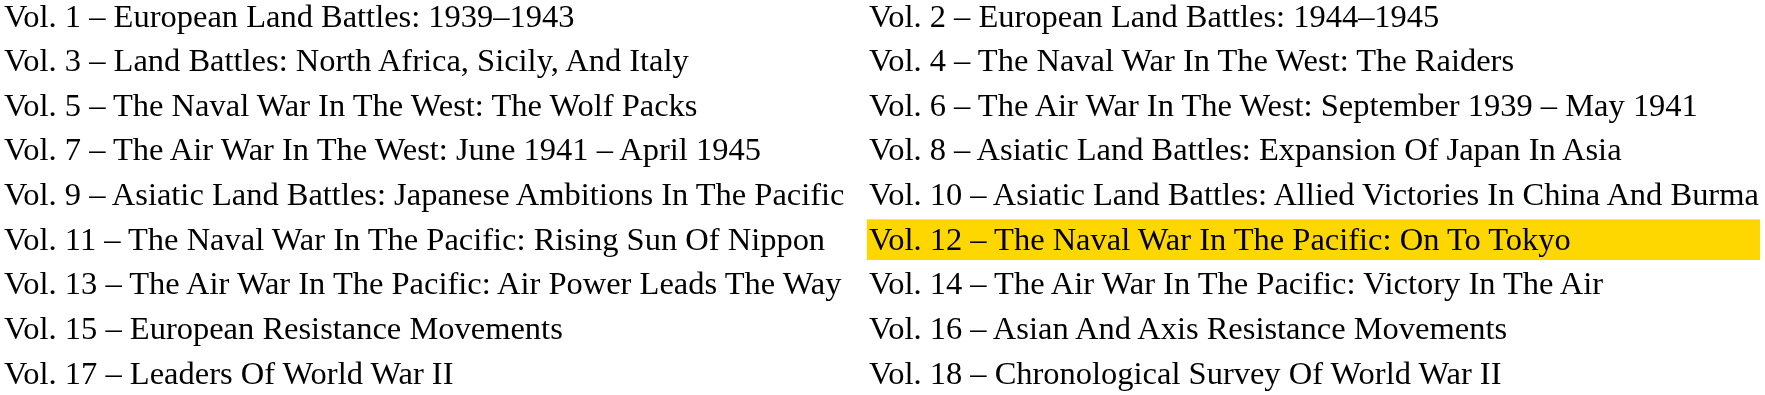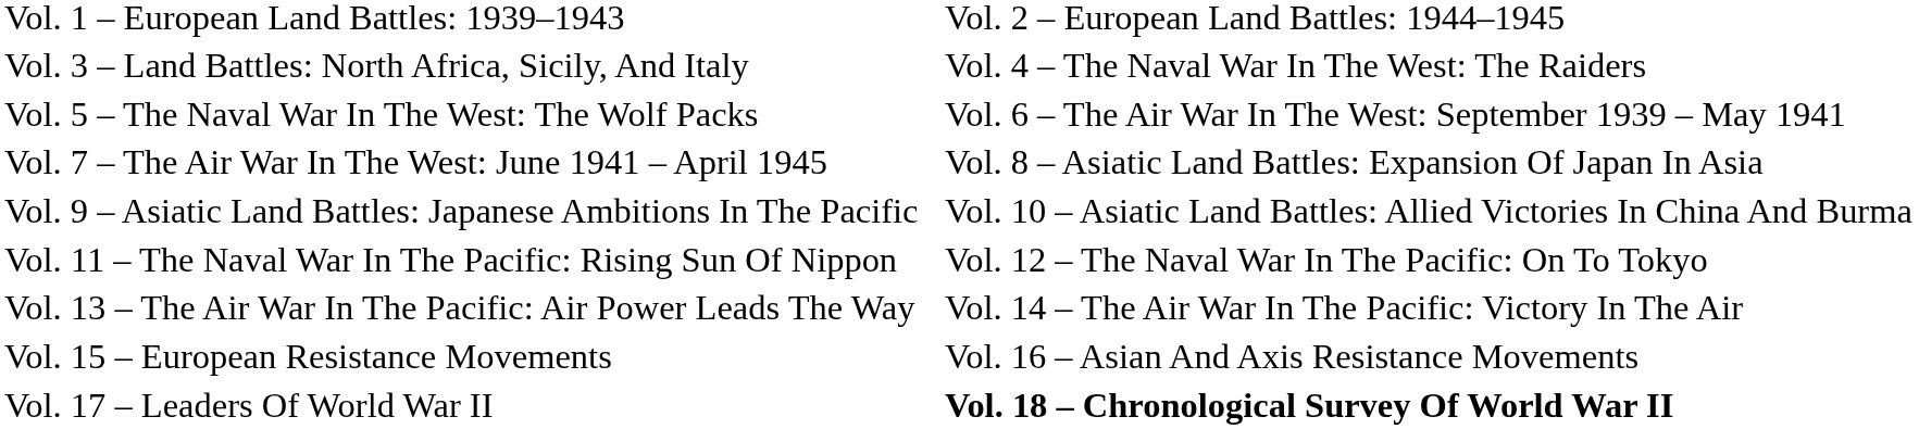 <table align="left">
 <tr>
 <td>Vol. 1 – European Land Battles: 1939–1943</td>
 <td>Vol. 2 – European Land Battles: 1944–1945</td>
 </tr>
 <tr>
 <td>Vol. 3 – Land Battles: North Africa, Sicily, And Italy</td>
 <td>Vol. 4 – The Naval War In The West: The Raiders</td>
 </tr>
 <tr>
 <td>Vol. 5 – The Naval War In The West: The Wolf Packs</td>
 <td>Vol. 6 – The Air War In The West: September 1939 – May 1941</td>
 </tr>
 <tr>
 <td>Vol. 7 – The Air War In The West: June 1941 – April 1945</td>
 <td>Vol. 8 – Asiatic Land Battles: Expansion Of Japan In Asia</td>
 </tr>
 <tr>
 <td>Vol. 9 – Asiatic Land Battles: Japanese Ambitions In The Pacific  </td>
 <td>Vol. 10 – Asiatic Land Battles: Allied Victories In China And Burma</td>
 </tr>
 <tr>
 <td>Vol. 11 – The Naval War In The Pacific: Rising Sun Of Nippon</td>
-<td style="background: gold;">Vol. 12 – The Naval War In The Pacific: On To Tokyo</td>
+<td>Vol. 12 – The Naval War In The Pacific: On To Tokyo</td>
 </tr>
 <tr>
 <td>Vol. 13 – The Air War In The Pacific: Air Power Leads The Way</td>
 <td>Vol. 14 – The Air War In The Pacific: Victory In The Air</td>
 </tr>
 <tr>
 <td>Vol. 15 – European Resistance Movements</td>
 <td>Vol. 16 – Asian And Axis Resistance Movements</td>
 </tr>
 <tr>
 <td>Vol. 17 – Leaders Of World War II</td>
-<td>Vol. 18 – Chronological Survey Of World War II</td>
+<td><strong>Vol. 18 – Chronological Survey Of World War II</strong></td>
 </tr>
 </table>
